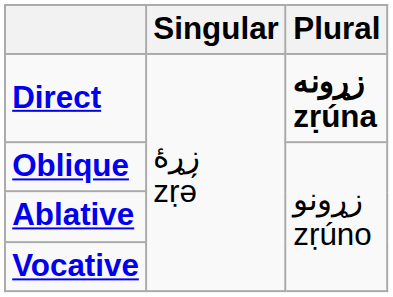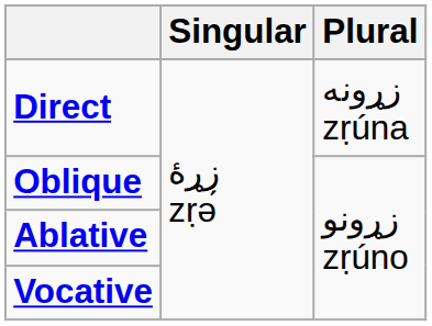 <table class="wikitable">
 <tr>
 <th></th>
 <th>Singular</th>
 <th>Plural</th>
 </tr>
 <tr>
 <td><strong><a href='#'>Direct</a></strong></td>
 <td rowspan="4">زړۀ<br>zṛә́</td>
-<td><strong>زړونه<br>zṛúna</strong></td>
+<td>زړونه<br>zṛúna</td>
 </tr>
 <tr>
 <td><strong><a href='#'>Oblique</a></strong></td>
 <td rowspan="3">زړونو<br>zṛúno</td>
 </tr>
 <tr>
 <td><strong><a href='#'>Ablative</a></strong></td>
 </tr>
 <tr>
 <td><strong><a href='#'>Vocative</a></strong></td>
 </tr>
 </table>
